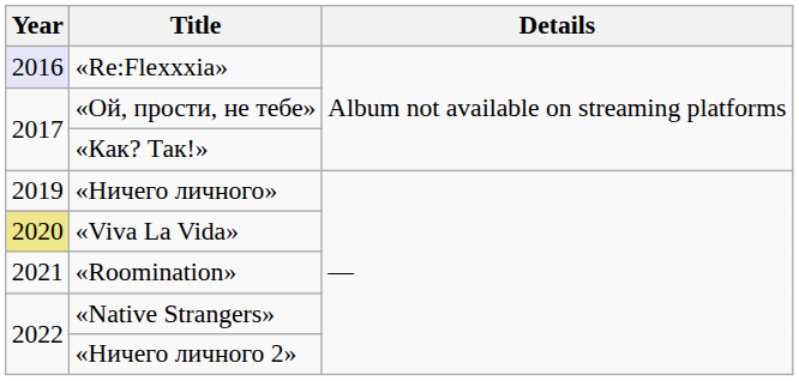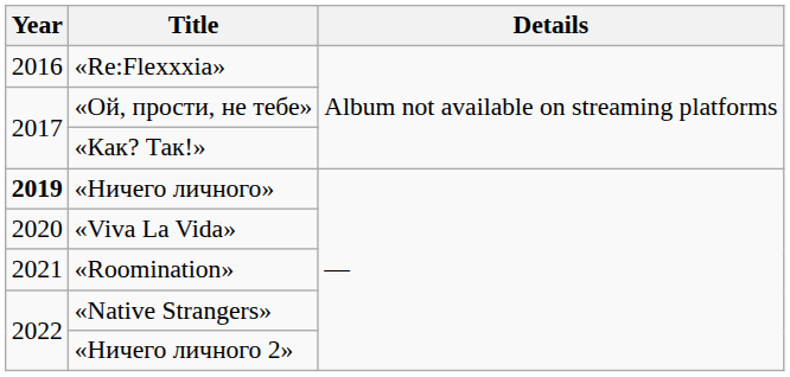 <table class="wikitable">
 <tr>
 <th>Year</th>
 <th>Title</th>
 <th>Details</th>
 </tr>
 <tr>
-<td style="background: lavender;">2016</td>
+<td>2016</td>
 <td>«Re:Flexxxia»</td>
 <td rowspan="3">Album not available on streaming platforms</td>
 </tr>
 <tr>
 <td rowspan="2">2017</td>
 <td>«Ой, прости, не тебе»</td>
 </tr>
 <tr>
 <td>«Как? Так!»</td>
 </tr>
 <tr>
-<td>2019</td>
+<td><strong>2019</strong></td>
 <td>«Ничего личного»</td>
 <td rowspan="5">—</td>
 </tr>
 <tr>
-<td style="background: khaki;">2020</td>
+<td>2020</td>
 <td>«Viva La Vida»</td>
 </tr>
 <tr>
 <td>2021</td>
 <td>«Roomination»</td>
 </tr>
 <tr>
 <td rowspan="2">2022</td>
 <td>«Native Strangers»</td>
 </tr>
 <tr>
 <td>«Ничего личного 2»</td>
 </tr>
 </table>
